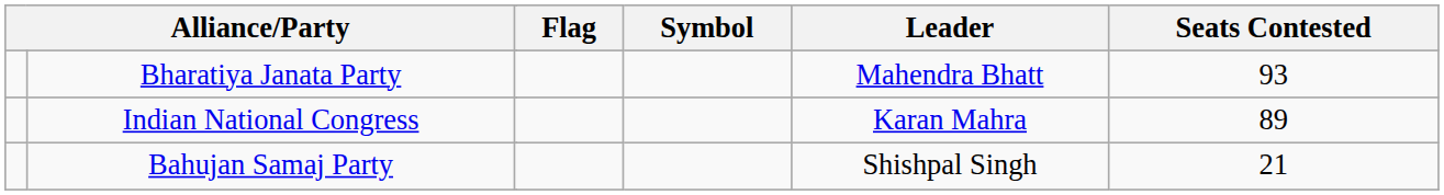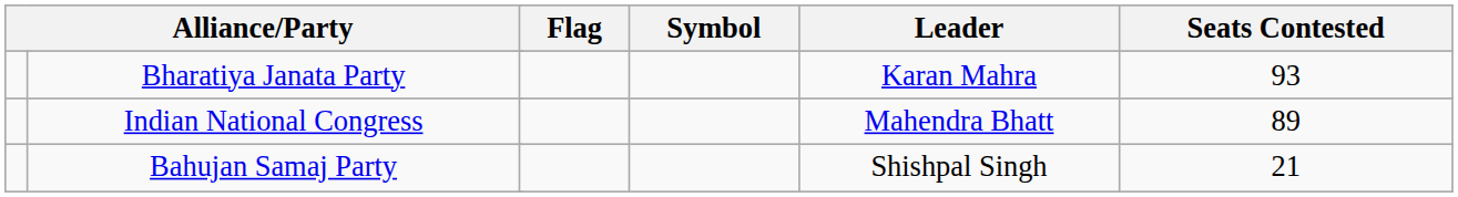 <table class="wikitable" width="50%" style="text-align:center;">
 <tr>
 <th colspan="4">Alliance/Party</th>
 <th>Flag</th>
 <th>Symbol</th>
 <th>Leader</th>
 <th colspan="2">Seats Contested</th>
 </tr>
 <tr>
 <td></td>
 <td colspan="3"><a href='#'>Bharatiya Janata Party</a></td>
 <td></td>
 <td></td>
-<td><a href='#'>Mahendra Bhatt</a></td>
+<td><a href='#'>Karan Mahra</a></td>
 <td colspan="2">93</td>
 </tr>
 <tr>
 <td></td>
 <td colspan="3"><a href='#'>Indian National Congress</a></td>
 <td></td>
 <td></td>
-<td><a href='#'>Karan Mahra</a></td>
+<td><a href='#'>Mahendra Bhatt</a></td>
 <td colspan="2">89</td>
 </tr>
 <tr>
 <td></td>
 <td colspan="3"><a href='#'>Bahujan Samaj Party</a></td>
 <td></td>
 <td></td>
 <td>Shishpal Singh</td>
 <td colspan="2">21</td>
 </tr>
 </table>
